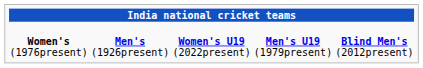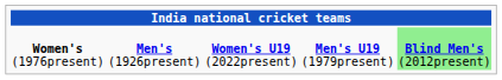 <table class="infobox" style="width: 20em; font-size: 95%em;">
 <tr style="color:#FFFFFF; background:#1350C1; text-align:center;">
 <th colspan="5" style="text-align: center">India national cricket teams</th>
 </tr>
 <tr style="text-align: center">
 <td><br><strong>Women's</strong> (1976present)</td>
 <td><br><strong><a href='#'>Men's</a></strong> (1926present)</td>
 <td><br><strong><a href='#'>Women's U19</a></strong> (2022present)</td>
 <td><br><strong><a href='#'>Men's U19</a></strong> (1979present)</td>
-<td><br><strong><a href='#'>Blind Men's</a></strong> (2012present)</td>
+<td style="background: lightgreen;"><br><strong><a href='#'>Blind Men's</a></strong> (2012present)</td>
 </tr>
 </table>
